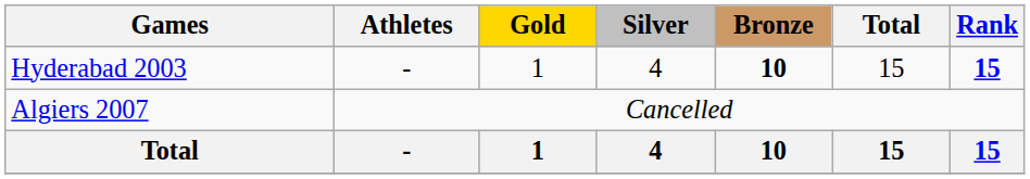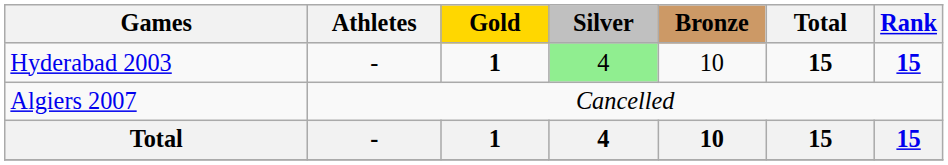 <table class="wikitable sortable" style="margin-top:0em; text-align:center; font-size:100%;">
 <tr>
 <th style="width:12em;">Games</th>
 <th scope="col" style="width:5em;">Athletes</th>
 <th style="width:4em; background:gold;">Gold</th>
 <th style="width:4em; background:silver;">Silver</th>
 <th style="width:4em; background:#cc9966;">Bronze</th>
 <th style="width:4em;">Total</th>
 <th style="width:2em;"><a href='#'>Rank</a></th>
 </tr>
 <tr>
 <td align=left> <a href='#'>Hyderabad 2003</a></td>
 <td>-</td>
-<td>1</td>
-<td>4</td>
-<td><strong>10</strong></td>
-<td>15</td>
+<td><strong>1</strong></td>
+<td style="background: lightgreen;">4</td>
+<td>10</td>
+<td><strong>15</strong></td>
 <td><a href='#'><strong>15</strong></a></td>
 </tr>
 <tr>
 <td align=left> <a href='#'>Algiers 2007</a></td>
 <td colspan=6><em>Cancelled</em></td>
 </tr>
 <tr>
 <th><strong>Total</strong></th>
 <th><strong>-</strong></th>
 <th><strong>1</strong></th>
 <th><strong>4</strong></th>
 <th><strong>10</strong></th>
 <th><strong>15</strong></th>
 <th><strong><a href='#'>15</a></strong></th>
 </tr>
 <tr class="sortbottom">
 </tr>
 </table>
